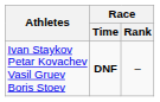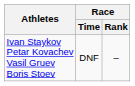 <table class="wikitable" border="1" style="font-size:90%">
 <tr>
 <th rowspan=2>Athletes</th>
 <th colspan=2>Race</th>
 </tr>
 <tr>
 <th>Time</th>
 <th>Rank</th>
 </tr>
 <tr>
 <td><a href='#'>Ivan Staykov</a><br><a href='#'>Petar Kovachev</a><br><a href='#'>Vasil Gruev</a><br><a href='#'>Boris Stoev</a></td>
-<td align=center><strong>DNF</strong></td>
+<td align=center>DNF</td>
 <td align=center>–</td>
 </tr>
 </table>
